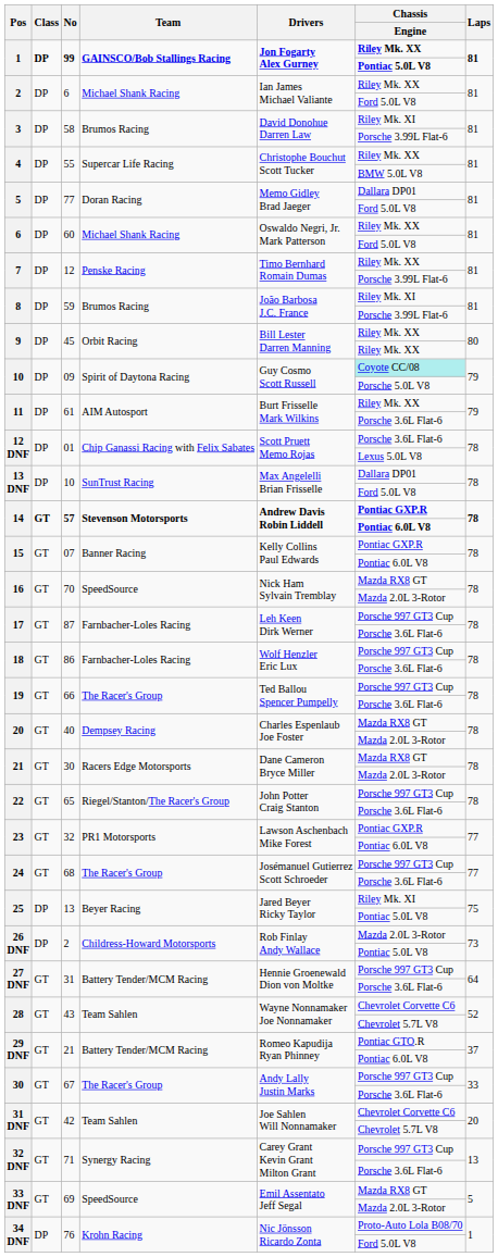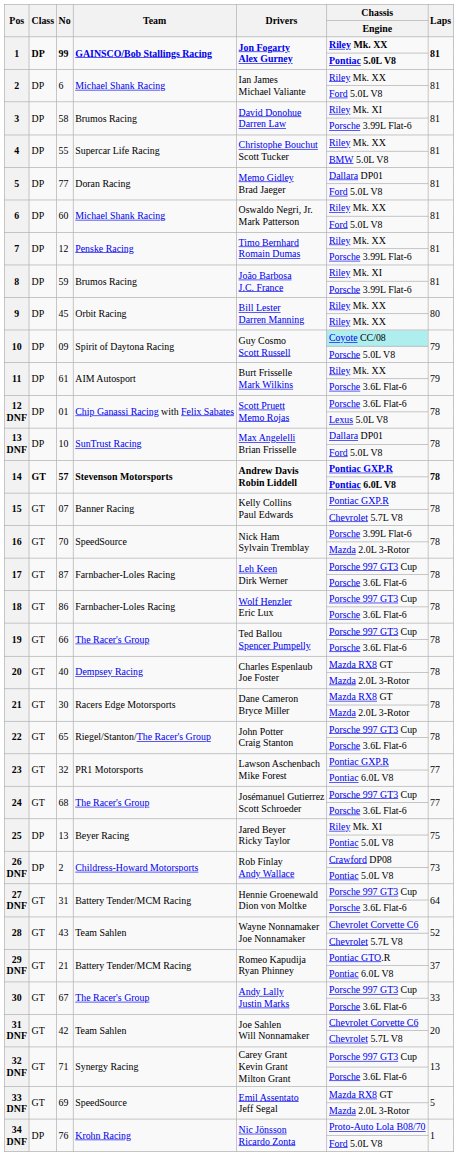 <table class="wikitable" style="font-size: 95%;">
 <tr>
 <th rowspan=2>Pos</th>
 <th rowspan=2>Class</th>
 <th rowspan=2>No</th>
 <th rowspan=2>Team</th>
 <th rowspan=2>Drivers</th>
 <th>Chassis</th>
 <th rowspan=2>Laps</th>
 </tr>
 <tr>
 <th>Engine</th>
 </tr>
 <tr style="font-weight:bold">
 <th rowspan=2>1</th>
 <td rowspan=2>DP</td>
 <td rowspan=2>99</td>
 <td rowspan=2><a href='#'>GAINSCO/Bob Stallings Racing</a></td>
 <td rowspan=2> <a href='#'>Jon Fogarty</a><br> <a href='#'>Alex Gurney</a></td>
 <td><a href='#'>Riley</a> Mk. XX</td>
 <td rowspan=2>81</td>
 </tr>
 <tr style="font-weight:bold">
 <td><a href='#'>Pontiac</a> 5.0L V8</td>
 </tr>
 <tr>
 <th rowspan=2>2</th>
 <td rowspan=2>DP</td>
 <td rowspan=2>6</td>
 <td rowspan=2><a href='#'>Michael Shank Racing</a></td>
 <td rowspan=2> Ian James<br> Michael Valiante</td>
 <td><a href='#'>Riley</a> Mk. XX</td>
 <td rowspan=2>81</td>
 </tr>
 <tr>
 <td><a href='#'>Ford</a> 5.0L V8</td>
 </tr>
 <tr>
 <th rowspan=2>3</th>
 <td rowspan=2>DP</td>
 <td rowspan=2>58</td>
 <td rowspan=2>Brumos Racing</td>
 <td rowspan=2> <a href='#'>David Donohue</a><br> <a href='#'>Darren Law</a></td>
 <td><a href='#'>Riley</a> Mk. XI</td>
 <td rowspan=2>81</td>
 </tr>
 <tr>
 <td><a href='#'>Porsche</a> 3.99L Flat-6</td>
 </tr>
 <tr>
 <th rowspan=2>4</th>
 <td rowspan=2>DP</td>
 <td rowspan=2>55</td>
 <td rowspan=2>Supercar Life Racing</td>
 <td rowspan=2> <a href='#'>Christophe Bouchut</a><br> Scott Tucker</td>
 <td><a href='#'>Riley</a> Mk. XX</td>
 <td rowspan=2>81</td>
 </tr>
 <tr>
 <td><a href='#'>BMW</a> 5.0L V8</td>
 </tr>
 <tr>
 <th rowspan=2>5</th>
 <td rowspan=2>DP</td>
 <td rowspan=2>77</td>
 <td rowspan=2>Doran Racing</td>
 <td rowspan=2> <a href='#'>Memo Gidley</a><br> Brad Jaeger</td>
 <td><a href='#'>Dallara</a> DP01</td>
 <td rowspan=2>81</td>
 </tr>
 <tr>
 <td><a href='#'>Ford</a> 5.0L V8</td>
 </tr>
 <tr>
 <th rowspan=2>6</th>
 <td rowspan=2>DP</td>
 <td rowspan=2>60</td>
 <td rowspan=2><a href='#'>Michael Shank Racing</a></td>
 <td rowspan=2> Oswaldo Negri, Jr.<br> Mark Patterson</td>
 <td><a href='#'>Riley</a> Mk. XX</td>
 <td rowspan=2>81</td>
 </tr>
 <tr>
 <td><a href='#'>Ford</a> 5.0L V8</td>
 </tr>
 <tr>
 <th rowspan=2>7</th>
 <td rowspan=2>DP</td>
 <td rowspan=2>12</td>
 <td rowspan=2><a href='#'>Penske Racing</a></td>
 <td rowspan=2> <a href='#'>Timo Bernhard</a><br> <a href='#'>Romain Dumas</a></td>
 <td><a href='#'>Riley</a> Mk. XX</td>
 <td rowspan=2>81</td>
 </tr>
 <tr>
 <td><a href='#'>Porsche</a> 3.99L Flat-6</td>
 </tr>
 <tr>
 <th rowspan=2>8</th>
 <td rowspan=2>DP</td>
 <td rowspan=2>59</td>
 <td rowspan=2>Brumos Racing</td>
 <td rowspan=2> <a href='#'>João Barbosa</a><br> <a href='#'>J.C. France</a></td>
 <td><a href='#'>Riley</a> Mk. XI</td>
 <td rowspan=2>81</td>
 </tr>
 <tr>
 <td><a href='#'>Porsche</a> 3.99L Flat-6</td>
 </tr>
 <tr>
 <th rowspan=2>9</th>
 <td rowspan=2>DP</td>
 <td rowspan=2>45</td>
 <td rowspan=2>Orbit Racing</td>
 <td rowspan=2> <a href='#'>Bill Lester</a><br> <a href='#'>Darren Manning</a></td>
 <td><a href='#'>Riley</a> Mk. XX</td>
 <td rowspan=2>80</td>
 </tr>
 <tr>
 <td><a href='#'>Riley</a> Mk. XX</td>
 </tr>
 <tr>
 <th rowspan=2>10</th>
 <td rowspan=2>DP</td>
 <td rowspan=2>09</td>
 <td rowspan=2>Spirit of Daytona Racing</td>
 <td rowspan=2> Guy Cosmo<br> <a href='#'>Scott Russell</a></td>
 <td style="background: paleturquoise;"><a href='#'>Coyote</a> CC/08</td>
 <td rowspan=2>79</td>
 </tr>
 <tr>
 <td><a href='#'>Porsche</a> 5.0L V8</td>
 </tr>
 <tr>
 <th rowspan=2>11</th>
 <td rowspan=2>DP</td>
 <td rowspan=2>61</td>
 <td rowspan=2>AIM Autosport</td>
 <td rowspan=2> Burt Frisselle<br> <a href='#'>Mark Wilkins</a></td>
 <td><a href='#'>Riley</a> Mk. XX</td>
 <td rowspan=2>79</td>
 </tr>
 <tr>
 <td><a href='#'>Porsche</a> 3.6L Flat-6</td>
 </tr>
 <tr>
 <th rowspan=2>12<br>DNF</th>
 <td rowspan=2>DP</td>
 <td rowspan=2>01</td>
 <td rowspan=2><a href='#'>Chip Ganassi Racing</a> with <a href='#'>Felix Sabates</a></td>
 <td rowspan=2> <a href='#'>Scott Pruett</a><br> <a href='#'>Memo Rojas</a></td>
 <td><a href='#'>Porsche</a> 3.6L Flat-6</td>
 <td rowspan=2>78</td>
 </tr>
 <tr>
 <td><a href='#'>Lexus</a> 5.0L V8</td>
 </tr>
 <tr>
 <th rowspan=2>13<br>DNF</th>
 <td rowspan=2>DP</td>
 <td rowspan=2>10</td>
 <td rowspan=2><a href='#'>SunTrust Racing</a></td>
 <td rowspan=2> <a href='#'>Max Angelelli</a><br> Brian Frisselle</td>
 <td><a href='#'>Dallara</a> DP01</td>
 <td rowspan=2>78</td>
 </tr>
 <tr>
 <td><a href='#'>Ford</a> 5.0L V8</td>
 </tr>
 <tr style="font-weight:bold">
 <th rowspan=2>14</th>
 <td rowspan=2>GT</td>
 <td rowspan=2>57</td>
 <td rowspan=2>Stevenson Motorsports</td>
 <td rowspan=2> Andrew Davis<br> Robin Liddell</td>
 <td><a href='#'>Pontiac GXP.R</a></td>
 <td rowspan=2>78</td>
 </tr>
 <tr style="font-weight:bold">
 <td><a href='#'>Pontiac</a> 6.0L V8</td>
 </tr>
 <tr>
 <th rowspan=2>15</th>
 <td rowspan=2>GT</td>
 <td rowspan=2>07</td>
 <td rowspan=2>Banner Racing</td>
 <td rowspan=2> Kelly Collins<br> Paul Edwards</td>
 <td><a href='#'>Pontiac GXP.R</a></td>
 <td rowspan=2>78</td>
 </tr>
 <tr>
-<td><a href='#'>Pontiac</a> 6.0L V8</td>
+<td><a href='#'>Chevrolet</a> 5.7L V8</td>
 </tr>
 <tr>
 <th rowspan=2>16</th>
 <td rowspan=2>GT</td>
 <td rowspan=2>70</td>
 <td rowspan=2>SpeedSource</td>
 <td rowspan=2> Nick Ham<br> Sylvain Tremblay</td>
-<td><a href='#'>Mazda RX8</a> GT</td>
+<td><a href='#'>Porsche</a> 3.99L Flat-6</td>
 <td rowspan=2>78</td>
 </tr>
 <tr>
 <td><a href='#'>Mazda</a> 2.0L 3-Rotor</td>
 </tr>
 <tr>
 <th rowspan=2>17</th>
 <td rowspan=2>GT</td>
 <td rowspan=2>87</td>
 <td rowspan=2>Farnbacher-Loles Racing</td>
 <td rowspan=2> <a href='#'>Leh Keen</a><br> Dirk Werner</td>
 <td><a href='#'>Porsche 997 GT3</a> Cup</td>
 <td rowspan=2>78</td>
 </tr>
 <tr>
 <td><a href='#'>Porsche</a> 3.6L Flat-6</td>
 </tr>
 <tr>
 <th rowspan=2>18</th>
 <td rowspan=2>GT</td>
 <td rowspan=2>86</td>
 <td rowspan=2>Farnbacher-Loles Racing</td>
 <td rowspan=2> <a href='#'>Wolf Henzler</a><br> Eric Lux</td>
 <td><a href='#'>Porsche 997 GT3</a> Cup</td>
 <td rowspan=2>78</td>
 </tr>
 <tr>
 <td><a href='#'>Porsche</a> 3.6L Flat-6</td>
 </tr>
 <tr>
 <th rowspan=2>19</th>
 <td rowspan=2>GT</td>
 <td rowspan=2>66</td>
 <td rowspan=2><a href='#'>The Racer's Group</a></td>
 <td rowspan=2> Ted Ballou<br> <a href='#'>Spencer Pumpelly</a></td>
 <td><a href='#'>Porsche 997 GT3</a> Cup</td>
 <td rowspan=2>78</td>
 </tr>
 <tr>
 <td><a href='#'>Porsche</a> 3.6L Flat-6</td>
 </tr>
 <tr>
 <th rowspan=2>20</th>
 <td rowspan=2>GT</td>
 <td rowspan=2>40</td>
 <td rowspan=2><a href='#'>Dempsey Racing</a></td>
 <td rowspan=2> Charles Espenlaub<br> Joe Foster</td>
 <td><a href='#'>Mazda RX8</a> GT</td>
 <td rowspan=2>78</td>
 </tr>
 <tr>
 <td><a href='#'>Mazda</a> 2.0L 3-Rotor</td>
 </tr>
 <tr>
 <th rowspan=2>21</th>
 <td rowspan=2>GT</td>
 <td rowspan=2>30</td>
 <td rowspan=2>Racers Edge Motorsports</td>
 <td rowspan=2> Dane Cameron<br> Bryce Miller</td>
 <td><a href='#'>Mazda RX8</a> GT</td>
 <td rowspan=2>78</td>
 </tr>
 <tr>
 <td><a href='#'>Mazda</a> 2.0L 3-Rotor</td>
 </tr>
 <tr>
 <th rowspan=2>22</th>
 <td rowspan=2>GT</td>
 <td rowspan=2>65</td>
 <td rowspan=2>Riegel/Stanton/<a href='#'>The Racer's Group</a></td>
 <td rowspan=2> John Potter<br> Craig Stanton</td>
 <td><a href='#'>Porsche 997 GT3</a> Cup</td>
 <td rowspan=2>78</td>
 </tr>
 <tr>
 <td><a href='#'>Porsche</a> 3.6L Flat-6</td>
 </tr>
 <tr>
 <th rowspan=2>23</th>
 <td rowspan=2>GT</td>
 <td rowspan=2>32</td>
 <td rowspan=2>PR1 Motorsports</td>
 <td rowspan=2> Lawson Aschenbach<br> Mike Forest</td>
 <td><a href='#'>Pontiac GXP.R</a></td>
 <td rowspan=2>77</td>
 </tr>
 <tr>
 <td><a href='#'>Pontiac</a> 6.0L V8</td>
 </tr>
 <tr>
 <th rowspan=2>24</th>
 <td rowspan=2>GT</td>
 <td rowspan=2>68</td>
 <td rowspan=2><a href='#'>The Racer's Group</a></td>
 <td rowspan=2> Josémanuel Gutierrez<br> Scott Schroeder</td>
 <td><a href='#'>Porsche 997 GT3</a> Cup</td>
 <td rowspan=2>77</td>
 </tr>
 <tr>
 <td><a href='#'>Porsche</a> 3.6L Flat-6</td>
 </tr>
 <tr>
 <th rowspan=2>25</th>
 <td rowspan=2>DP</td>
 <td rowspan=2>13</td>
 <td rowspan=2>Beyer Racing</td>
 <td rowspan=2> Jared Beyer<br> Ricky Taylor</td>
 <td><a href='#'>Riley</a> Mk. XI</td>
 <td rowspan=2>75</td>
 </tr>
 <tr>
 <td><a href='#'>Pontiac</a> 5.0L V8</td>
 </tr>
 <tr>
 <th rowspan=2>26<br>DNF</th>
 <td rowspan=2>DP</td>
 <td rowspan=2>2</td>
 <td rowspan=2><a href='#'>Childress-Howard Motorsports</a></td>
 <td rowspan=2> Rob Finlay<br> <a href='#'>Andy Wallace</a></td>
-<td><a href='#'>Mazda</a> 2.0L 3-Rotor</td>
+<td><a href='#'>Crawford</a> DP08</td>
 <td rowspan=2>73</td>
 </tr>
 <tr>
 <td><a href='#'>Pontiac</a> 5.0L V8</td>
 </tr>
 <tr>
 <th rowspan=2>27<br>DNF</th>
 <td rowspan=2>GT</td>
 <td rowspan=2>31</td>
 <td rowspan=2>Battery Tender/MCM Racing</td>
 <td rowspan=2> Hennie Groenewald<br> Dion von Moltke</td>
 <td><a href='#'>Porsche 997 GT3</a> Cup</td>
 <td rowspan=2>64</td>
 </tr>
 <tr>
 <td><a href='#'>Porsche</a> 3.6L Flat-6</td>
 </tr>
 <tr>
 <th rowspan=2>28</th>
 <td rowspan=2>GT</td>
 <td rowspan=2>43</td>
 <td rowspan=2>Team Sahlen</td>
 <td rowspan=2> Wayne Nonnamaker<br> Joe Nonnamaker</td>
 <td><a href='#'>Chevrolet Corvette C6</a></td>
 <td rowspan=2>52</td>
 </tr>
 <tr>
 <td><a href='#'>Chevrolet</a> 5.7L V8</td>
 </tr>
 <tr>
 <th rowspan=2>29<br>DNF</th>
 <td rowspan=2>GT</td>
 <td rowspan=2>21</td>
 <td rowspan=2>Battery Tender/MCM Racing</td>
 <td rowspan=2> Romeo Kapudija<br> Ryan Phinney</td>
 <td><a href='#'>Pontiac GTO</a>.R</td>
 <td rowspan=2>37</td>
 </tr>
 <tr>
 <td><a href='#'>Pontiac</a> 6.0L V8</td>
 </tr>
 <tr>
 <th rowspan=2>30</th>
 <td rowspan=2>GT</td>
 <td rowspan=2>67</td>
 <td rowspan=2><a href='#'>The Racer's Group</a></td>
 <td rowspan=2> <a href='#'>Andy Lally</a><br> <a href='#'>Justin Marks</a></td>
 <td><a href='#'>Porsche 997 GT3</a> Cup</td>
 <td rowspan=2>33</td>
 </tr>
 <tr>
 <td><a href='#'>Porsche</a> 3.6L Flat-6</td>
 </tr>
 <tr>
 <th rowspan=2>31<br>DNF</th>
 <td rowspan=2>GT</td>
 <td rowspan=2>42</td>
 <td rowspan=2>Team Sahlen</td>
 <td rowspan=2> Joe Sahlen<br> Will Nonnamaker</td>
 <td><a href='#'>Chevrolet Corvette C6</a></td>
 <td rowspan=2>20</td>
 </tr>
 <tr>
 <td><a href='#'>Chevrolet</a> 5.7L V8</td>
 </tr>
 <tr>
 <th rowspan=2>32<br>DNF</th>
 <td rowspan=2>GT</td>
 <td rowspan=2>71</td>
 <td rowspan=2>Synergy Racing</td>
 <td rowspan=2> Carey Grant<br> Kevin Grant<br> Milton Grant</td>
 <td><a href='#'>Porsche 997 GT3</a> Cup</td>
 <td rowspan=2>13</td>
 </tr>
 <tr>
 <td><a href='#'>Porsche</a> 3.6L Flat-6</td>
 </tr>
 <tr>
 <th rowspan=2>33<br>DNF</th>
 <td rowspan=2>GT</td>
 <td rowspan=2>69</td>
 <td rowspan=2>SpeedSource</td>
 <td rowspan=2> <a href='#'>Emil Assentato</a><br> Jeff Segal</td>
 <td><a href='#'>Mazda RX8</a> GT</td>
 <td rowspan=2>5</td>
 </tr>
 <tr>
 <td><a href='#'>Mazda</a> 2.0L 3-Rotor</td>
 </tr>
 <tr>
 <th rowspan=2>34<br>DNF</th>
 <td rowspan=2>DP</td>
 <td rowspan=2>76</td>
 <td rowspan=2><a href='#'>Krohn Racing</a></td>
 <td rowspan=2> <a href='#'>Nic Jönsson</a><br> <a href='#'>Ricardo Zonta</a></td>
 <td><a href='#'>Proto-Auto Lola B08/70</a></td>
 <td rowspan=2>1</td>
 </tr>
 <tr>
 <td><a href='#'>Ford</a> 5.0L V8</td>
 </tr>
 </table>
